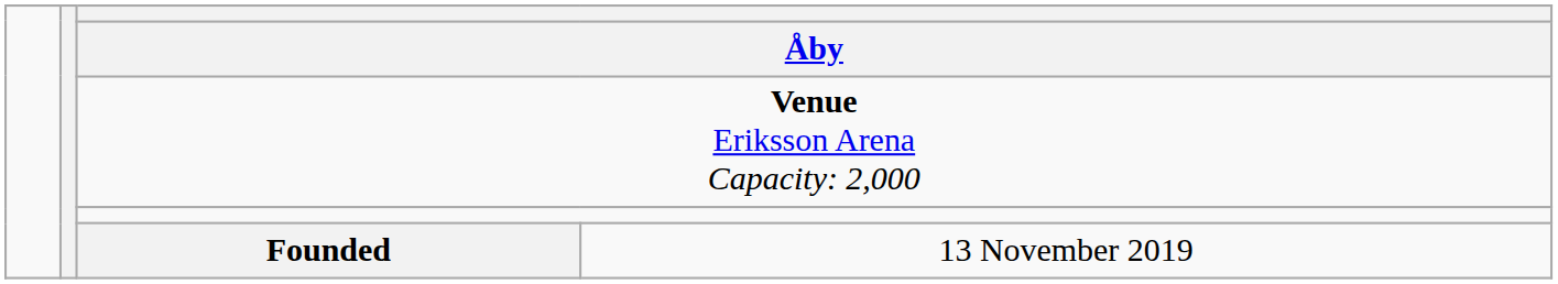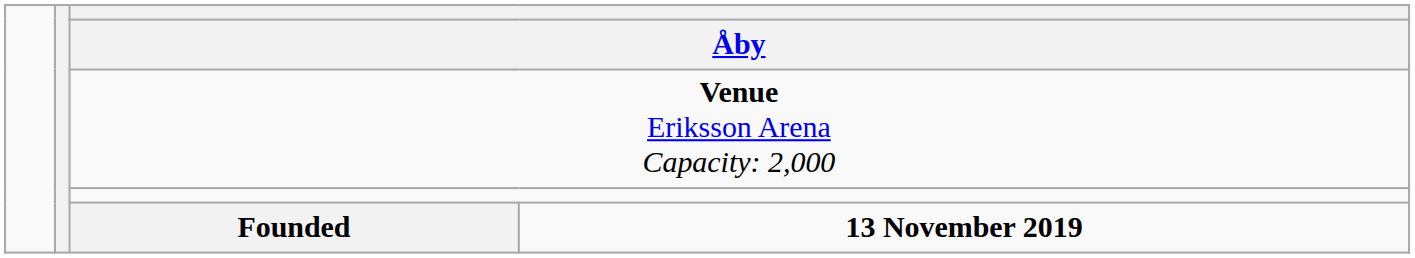 <table class=wikitable style="text-align:center; font-size:90%;">
 <tr>
 <td rowspan="5"></td>
 <th width=1% rowspan=20 bgcolor=ffffff></th>
 <th colspan=2></th>
 </tr>
 <tr>
 <th colspan=2> <a href='#'>Åby</a></th>
 </tr>
 <tr>
 <td colspan=2><strong>Venue</strong><br><a href='#'>Eriksson Arena</a><br><em>Capacity: 2,000</em></td>
 </tr>
 <tr>
 <td colspan=2></td>
 </tr>
 <tr>
 <th>Founded</th>
-<td>13 November 2019</td>
+<td><strong>13 November 2019</strong></td>
 </tr>
 </table>
